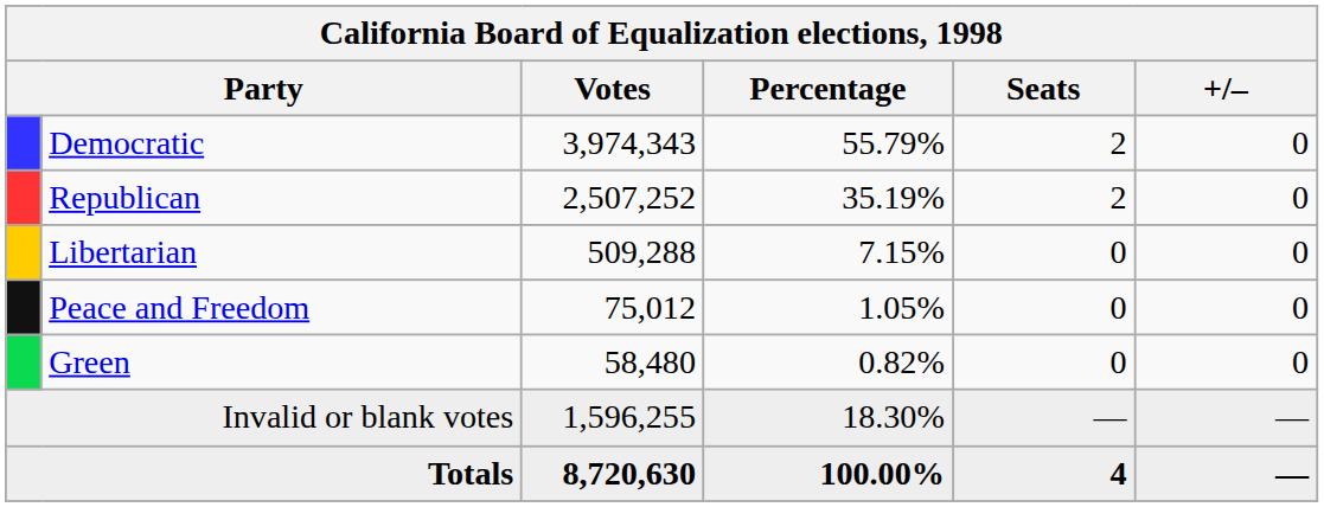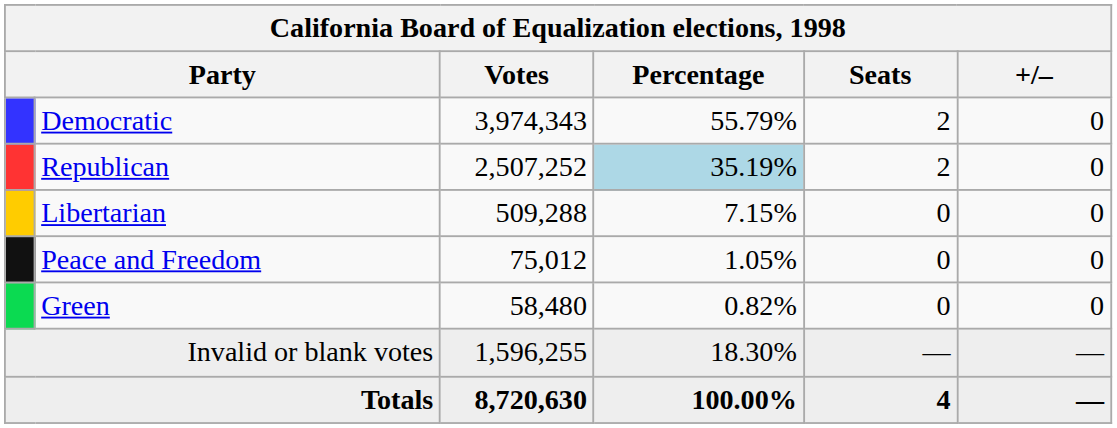 <table class="wikitable" style="font-size:95%;">
 <tr>
 <th colspan="6">California Board of Equalization elections, 1998</th>
 </tr>
 <tr>
 <th colspan=2 style="width: 15em">Party</th>
 <th style="width: 5em">Votes</th>
 <th style="width: 7em">Percentage</th>
 <th style="width: 5em">Seats</th>
 <th style="width: 5em">+/–</th>
 </tr>
 <tr>
 <th style="background-color:#3333FF; width: 3px"></th>
 <td style="width: 130px"><a href='#'>Democratic</a></td>
 <td align="right">3,974,343</td>
 <td align="right">55.79%</td>
 <td align="right">2</td>
 <td align="right">0</td>
 </tr>
 <tr>
 <th style="background-color:#FF3333; width: 3px"></th>
 <td style="width: 130px"><a href='#'>Republican</a></td>
 <td align="right">2,507,252</td>
-<td align="right">35.19%</td>
+<td align="right" style="background: lightblue;">35.19%</td>
 <td align="right">2</td>
 <td align="right">0</td>
 </tr>
 <tr>
 <th style="background-color:#FFCC00; width: 3px"></th>
 <td style="width: 130px"><a href='#'>Libertarian</a></td>
 <td align="right">509,288</td>
 <td align="right">7.15%</td>
 <td align="right">0</td>
 <td align="right">0</td>
 </tr>
 <tr>
 <th style="background-color:#111111; width: 3px"></th>
 <td style="width: 130px"><a href='#'>Peace and Freedom</a></td>
 <td align="right">75,012</td>
 <td align="right">1.05%</td>
 <td align="right">0</td>
 <td align="right">0</td>
 </tr>
 <tr>
 <th style="background-color:#0BDA51; width: 3px"></th>
 <td style="width: 130px"><a href='#'>Green</a></td>
 <td align="right">58,480</td>
 <td align="right">0.82%</td>
 <td align="right">0</td>
 <td align="right">0</td>
 </tr>
 <tr bgcolor="#EEEEEE">
 <td colspan="2" align="right">Invalid or blank votes</td>
 <td align="right">1,596,255</td>
 <td align="right">18.30%</td>
 <td align="right">—</td>
 <td align="right">—</td>
 </tr>
 <tr bgcolor="#EEEEEE">
 <td colspan="2" align="right"><strong>Totals</strong></td>
 <td align="right"><strong>8,720,630</strong></td>
 <td align="right"><strong>100.00%</strong></td>
 <td align="right"><strong>4</strong></td>
 <td align="right"><strong>—</strong></td>
 </tr>
 </table>
